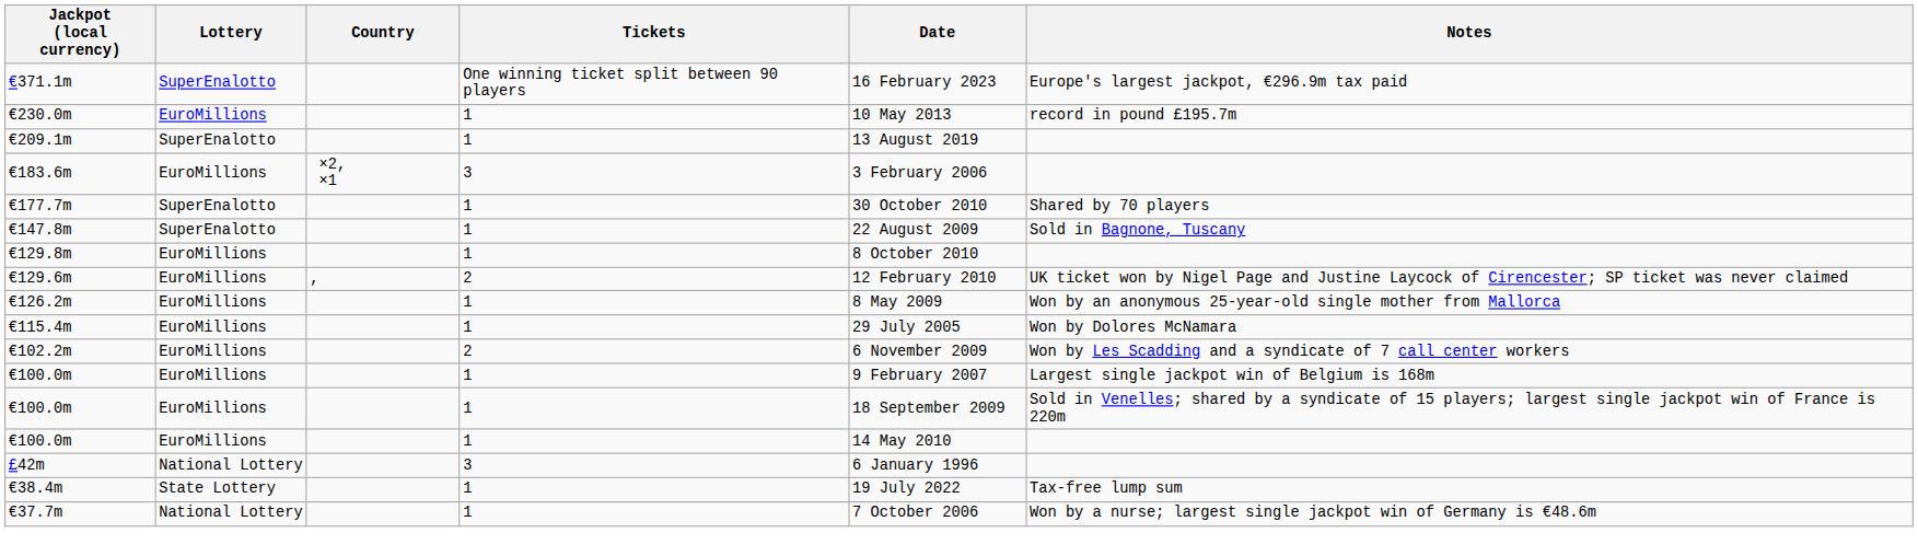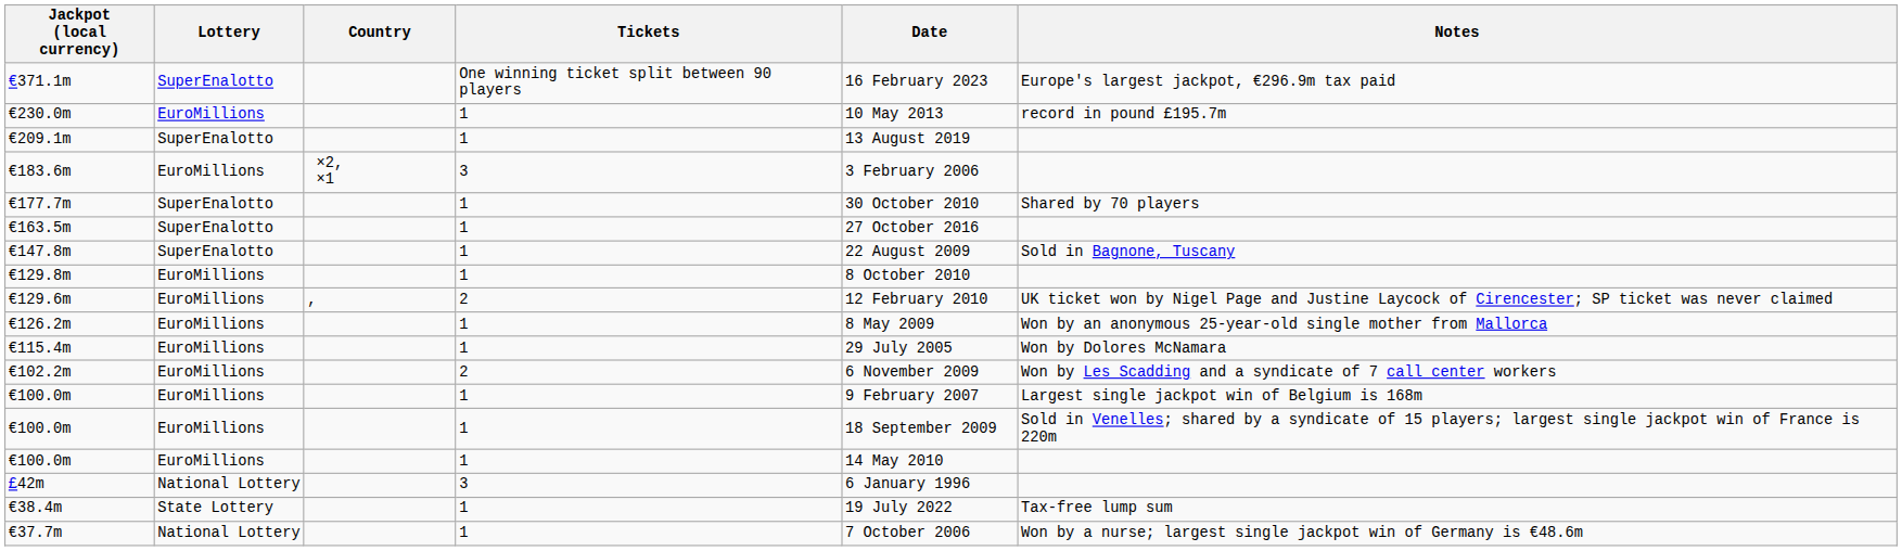 <table class="wikitable" style="font-size: 95%;">
 <tr>
 <th>Jackpot<br>(local currency)</th>
 <th>Lottery</th>
 <th style="width:120px;">Country</th>
 <th>Tickets</th>
 <th style="width:140px;">Date</th>
 <th>Notes</th>
 </tr>
 <tr>
 <td><a href='#'>€</a>371.1m</td>
 <td><a href='#'>SuperEnalotto</a></td>
 <td></td>
 <td>One winning ticket split between 90 players</td>
 <td>16 February 2023</td>
 <td>Europe's largest jackpot, €296.9m tax paid</td>
 </tr>
 <tr>
 <td>€230.0m</td>
 <td><a href='#'>EuroMillions</a></td>
 <td></td>
 <td>1</td>
 <td>10 May 2013</td>
 <td>record in pound £195.7m</td>
 </tr>
 <tr>
 <td>€209.1m</td>
 <td>SuperEnalotto</td>
 <td></td>
 <td>1</td>
 <td>13 August 2019</td>
 <td></td>
 </tr>
 <tr>
 <td>€183.6m</td>
 <td>EuroMillions</td>
 <td> ×2,<br> ×1</td>
 <td>3</td>
 <td>3 February 2006</td>
 <td></td>
 </tr>
 <tr>
 <td>€177.7m</td>
 <td>SuperEnalotto</td>
 <td></td>
 <td>1</td>
 <td>30 October 2010</td>
 <td>Shared by 70 players</td>
+</tr>
+<tr>
+<td>€163.5m</td>
+<td>SuperEnalotto</td>
+<td></td>
+<td>1</td>
+<td>27 October 2016</td>
+<td></td>
 </tr>
 <tr>
 <td>€147.8m</td>
 <td>SuperEnalotto</td>
 <td></td>
 <td>1</td>
 <td>22 August 2009</td>
 <td>Sold in <a href='#'>Bagnone, Tuscany</a></td>
 </tr>
 <tr>
 <td>€129.8m</td>
 <td>EuroMillions</td>
 <td></td>
 <td>1</td>
 <td>8 October 2010</td>
 <td></td>
 </tr>
 <tr>
 <td>€129.6m</td>
 <td>EuroMillions</td>
 <td>,<br></td>
 <td>2</td>
 <td>12 February 2010</td>
 <td>UK ticket won by Nigel Page and Justine Laycock of <a href='#'>Cirencester</a>; SP ticket was never claimed</td>
 </tr>
 <tr>
 <td>€126.2m</td>
 <td>EuroMillions</td>
 <td></td>
 <td>1</td>
 <td>8 May 2009</td>
 <td>Won by an anonymous 25-year-old single mother from <a href='#'>Mallorca</a><br>  </td>
 </tr>
 <tr>
 <td>€115.4m</td>
 <td>EuroMillions</td>
 <td></td>
 <td>1</td>
 <td>29 July 2005</td>
 <td>Won by Dolores McNamara</td>
 </tr>
 <tr>
 <td>€102.2m</td>
 <td>EuroMillions</td>
 <td></td>
 <td>2</td>
 <td>6 November 2009</td>
 <td>Won by <a href='#'>Les Scadding</a> and a syndicate of 7 <a href='#'>call center</a> workers</td>
 </tr>
 <tr>
 <td>€100.0m</td>
 <td>EuroMillions</td>
 <td></td>
 <td>1</td>
 <td>9 February 2007</td>
 <td>Largest single jackpot win of Belgium is 168m</td>
 </tr>
 <tr>
 <td>€100.0m</td>
 <td>EuroMillions</td>
 <td></td>
 <td>1</td>
 <td>18 September 2009</td>
 <td>Sold in <a href='#'>Venelles</a>; shared by a syndicate of 15 players; largest single jackpot win of France is 220m</td>
 </tr>
 <tr>
 <td>€100.0m</td>
 <td>EuroMillions</td>
 <td></td>
 <td>1</td>
 <td>14 May 2010</td>
 <td></td>
 </tr>
 <tr>
 <td><a href='#'>£</a>42m</td>
 <td>National Lottery</td>
 <td></td>
 <td>3</td>
 <td>6 January 1996</td>
 <td></td>
 </tr>
 <tr>
 <td>€38.4m</td>
 <td>State Lottery</td>
 <td></td>
 <td>1</td>
 <td>19 July 2022</td>
 <td>Tax-free lump sum</td>
 </tr>
 <tr>
 <td>€37.7m</td>
 <td>National Lottery</td>
 <td></td>
 <td>1</td>
 <td>7 October 2006</td>
 <td>Won by a nurse; largest single jackpot win of Germany is €48.6m</td>
 </tr>
 </table>
